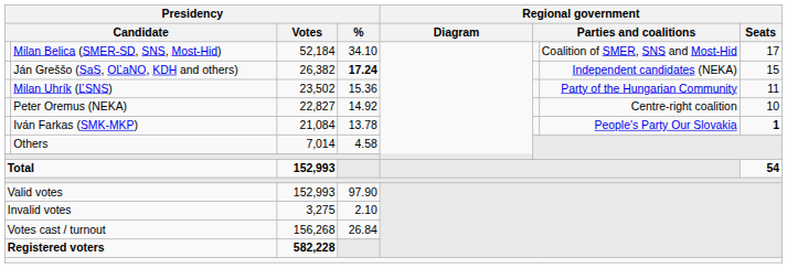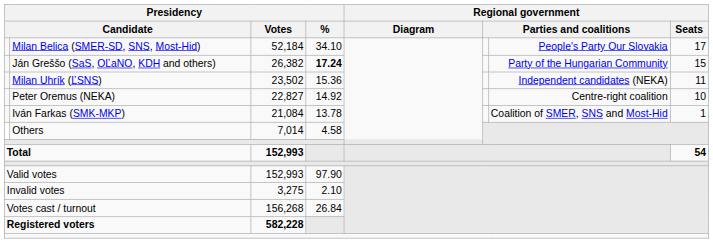 <table class="wikitable" style="text-align:right; font-size:97%;">
 <tr>
 <th colspan="4" width="500">Presidency</th>
 <th colspan="4" width="500">Regional government</th>
 </tr>
 <tr>
 <th colspan="2" width="325">Candidate</th>
 <th width="75">Votes</th>
 <th width="50">%</th>
 <th width="200">Diagram</th>
 <th colspan="2" width="250">Parties and coalitions</th>
 <th width="50">Seats</th>
 </tr>
 <tr>
 <td width="1" style="color:inherit;background:"></td>
 <td align="left"><a href='#'>Milan Belica</a> (<a href='#'>SMER-SD</a>, <a href='#'>SNS</a>, <a href='#'>Most-Hid</a>)</td>
 <td>52,184</td>
 <td>34.10</td>
 <td rowspan="7"></td>
 <td width="1" style="color:inherit;background:"></td>
-<td>Coalition of <a href='#'>SMER</a>, <a href='#'>SNS</a> and <a href='#'>Most-Hid</a></td>
+<td><a href='#'>People's Party Our Slovakia</a></td>
 <td>17</td>
 </tr>
 <tr>
 <td width="1" style="color:inherit;background:"></td>
 <td align="left">Ján Greššo (<a href='#'>SaS</a>, <a href='#'>OĽaNO</a>, <a href='#'>KDH</a> and others)</td>
 <td>26,382</td>
 <td><strong>17.24</strong></td>
 <td width="1" style="color:inherit;background:"></td>
-<td><a href='#'>Independent candidates</a> (NEKA)</td>
+<td><a href='#'>Party of the Hungarian Community</a></td>
 <td>15</td>
 </tr>
 <tr>
 <td width="1" style="color:inherit;background:"></td>
 <td align="left"><a href='#'>Milan Uhrík</a> (<a href='#'>ĽSNS</a>)</td>
 <td>23,502</td>
 <td>15.36</td>
 <td width="1" style="color:inherit;background:"></td>
-<td><a href='#'>Party of the Hungarian Community</a></td>
+<td><a href='#'>Independent candidates</a> (NEKA)</td>
 <td>11</td>
 </tr>
 <tr>
 <td width="1" style="color:inherit;background:"></td>
 <td align="left">Peter Oremus (NEKA)</td>
 <td>22,827</td>
 <td>14.92</td>
 <td width="1" style="color:inherit;background:"></td>
 <td>Centre-right coalition</td>
 <td>10</td>
 </tr>
 <tr>
 <td width="1" style="color:inherit;background:"></td>
 <td align="left">Iván Farkas (<a href='#'>SMK-MKP</a>)</td>
 <td>21,084</td>
 <td>13.78</td>
 <td width="1" style="color:inherit;background:"></td>
-<td><a href='#'>People's Party Our Slovakia</a></td>
-<td><strong>1</strong></td>
+<td>Coalition of <a href='#'>SMER</a>, <a href='#'>SNS</a> and <a href='#'>Most-Hid</a></td>
+<td>1</td>
 </tr>
 <tr>
 <td width="1" bgcolor="white"></td>
 <td align="left">Others</td>
 <td>7,014</td>
 <td>4.58</td>
 <td colspan="3" rowspan="2" bgcolor="#E9E9E9"></td>
 </tr>
 <tr>
 <td colspan="8" bgcolor="#E9E9E9"></td>
 </tr>
 <tr>
 <td align="left" colspan="2"><strong>Total</strong></td>
 <td><strong>152,993</strong></td>
 <td style="color:inherit;background:#E9E9E9"></td>
 <td colspan="3" bgcolor="#E9E9E9"></td>
 <td><strong>54</strong></td>
 </tr>
 <tr>
 <td colspan="8" bgcolor="#E9E9E9"></td>
 </tr>
 <tr>
 <td align="left" colspan="2">Valid votes</td>
 <td>152,993</td>
 <td>97.90</td>
 <td bgcolor="#E9E9E9" rowspan="4" colspan="4"></td>
 </tr>
 <tr>
 <td align="left" colspan="2">Invalid votes</td>
 <td>3,275</td>
 <td>2.10</td>
 </tr>
 <tr>
 <td align="left" colspan="2">Votes cast / turnout</td>
 <td>156,268</td>
 <td>26.84</td>
 </tr>
 <tr style="font-weight:bold;">
 <td align="left" colspan="2">Registered voters</td>
 <td>582,228</td>
 <td bgcolor="#E9E9E9"></td>
 </tr>
 <tr>
 <td colspan="8"></td>
 </tr>
 </table>
